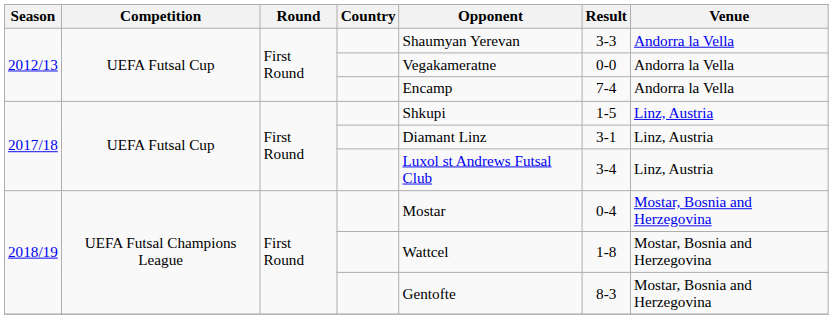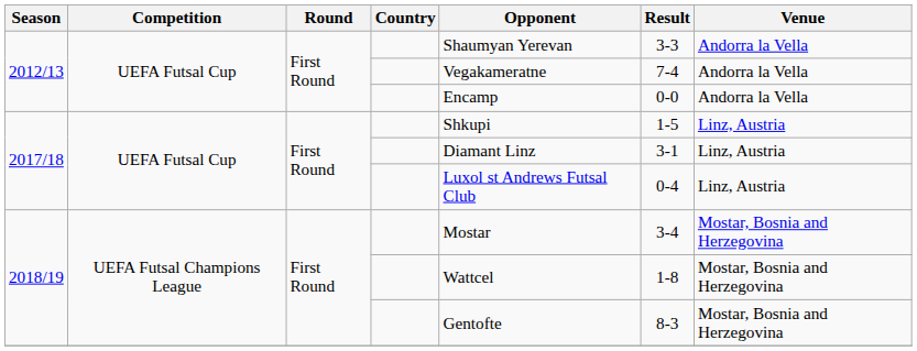 <table class="wikitable">
 <tr>
 <th>Season</th>
 <th>Competition</th>
 <th>Round</th>
 <th>Country</th>
 <th>Opponent</th>
 <th>Result</th>
 <th>Venue</th>
 </tr>
 <tr>
 <td rowspan="3"><a href='#'>2012/13</a></td>
 <td rowspan="3" align="center">UEFA Futsal Cup</td>
 <td rowspan="3">First Round</td>
 <td align="center"></td>
 <td>Shaumyan Yerevan</td>
 <td align="center">3-3</td>
 <td><a href='#'>Andorra la Vella</a></td>
 </tr>
 <tr>
 <td align="center"></td>
 <td>Vegakameratne</td>
-<td align="center">0-0</td>
+<td align="center">7-4</td>
 <td>Andorra la Vella</td>
 </tr>
 <tr>
 <td align="center"></td>
 <td>Encamp</td>
-<td align="center">7-4</td>
+<td align="center">0-0</td>
 <td>Andorra la Vella</td>
 </tr>
 <tr>
 <td rowspan="3"><a href='#'>2017/18</a></td>
 <td rowspan="3" align="center">UEFA Futsal Cup</td>
 <td rowspan="3">First Round</td>
 <td align="center"></td>
 <td>Shkupi</td>
 <td align="center">1-5</td>
 <td><a href='#'>Linz, Austria</a></td>
 </tr>
 <tr>
 <td align="center"></td>
 <td>Diamant Linz</td>
 <td align="center">3-1</td>
 <td>Linz, Austria</td>
 </tr>
 <tr>
 <td align="center"></td>
 <td><a href='#'>Luxol st Andrews Futsal Club</a></td>
-<td align="center">3-4</td>
+<td align="center">0-4</td>
 <td>Linz, Austria</td>
 </tr>
 <tr>
 <td rowspan="3"><a href='#'>2018/19</a></td>
 <td rowspan="3" align="center">UEFA Futsal Champions League</td>
 <td rowspan="3">First Round</td>
 <td align="center"></td>
 <td>Mostar</td>
-<td align="center">0-4</td>
+<td align="center">3-4</td>
 <td><a href='#'>Mostar, Bosnia and Herzegovina</a></td>
 </tr>
 <tr>
 <td align="center"></td>
 <td>Wattcel</td>
 <td align="center">1-8</td>
 <td>Mostar, Bosnia and Herzegovina</td>
 </tr>
 <tr>
 <td align="center"></td>
 <td>Gentofte</td>
 <td align="center">8-3</td>
 <td>Mostar, Bosnia and Herzegovina</td>
 </tr>
 <tr>
 </tr>
 </table>
